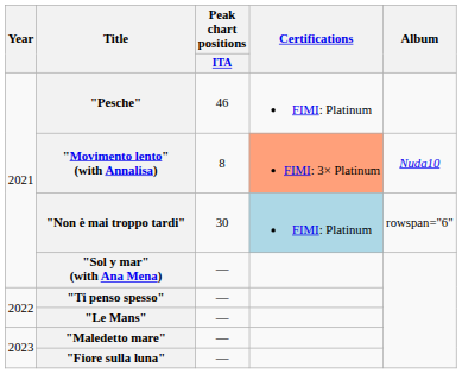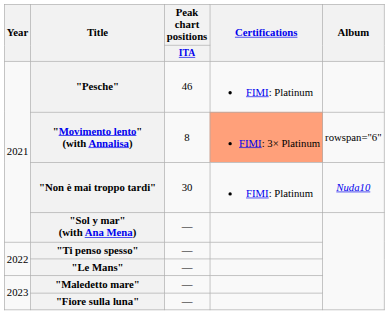 <table class="wikitable plainrowheaders" style="text-align:center;">
 <tr>
 <th scope="col" rowspan="2" style="width:1em;">Year</th>
 <th scope="col" rowspan="2" style="width:12em;">Title</th>
 <th scope="col" colspan="1">Peak chart positions</th>
 <th scope="col" rowspan="2"><a href='#'>Certifications</a></th>
 <th scope="col" rowspan="2">Album</th>
 </tr>
 <tr>
 <th scope="col" style="width:2.2em; font-size:90%;"><a href='#'>ITA</a><br></th>
 </tr>
 <tr>
 <td rowspan="4">2021</td>
 <th scope="row">"Pesche"</th>
 <td>46</td>
 <td><br><ul><li><a href='#'>FIMI</a>: Platinum</li></ul></td>
 <td></td>
 </tr>
 <tr>
 <th scope="row">"<a href='#'>Movimento lento</a>"<br>(with <a href='#'>Annalisa</a>)</th>
 <td>8</td>
 <td style="background: lightsalmon;"><br><ul><li><a href='#'>FIMI</a>: 3× Platinum</li></ul></td>
-<td><em><a href='#'>Nuda10</a></em></td>
+<td>rowspan="6" </td>
 </tr>
 <tr>
 <th scope="row">"Non è mai troppo tardi"</th>
 <td>30</td>
-<td style="background: lightblue;"><br><ul><li><a href='#'>FIMI</a>: Platinum</li></ul></td>
-<td>rowspan="6" </td>
+<td><br><ul><li><a href='#'>FIMI</a>: Platinum</li></ul></td>
+<td><em><a href='#'>Nuda10</a></em></td>
 </tr>
 <tr>
 <th scope="row">"Sol y mar"<br>(with <a href='#'>Ana Mena</a>)</th>
 <td>—</td>
 <td></td>
 </tr>
 <tr>
 <td rowspan="2">2022</td>
 <th scope="row">"Ti penso spesso"</th>
 <td>—</td>
 <td></td>
 </tr>
 <tr>
 <th scope="row">"Le Mans"</th>
 <td>—</td>
 <td></td>
 </tr>
 <tr>
 <td rowspan="2">2023</td>
 <th scope="row">"Maledetto mare"</th>
 <td>—</td>
 <td></td>
 </tr>
 <tr>
 <th scope="row">"Fiore sulla luna"</th>
 <td>—</td>
 <td></td>
 </tr>
 </table>
